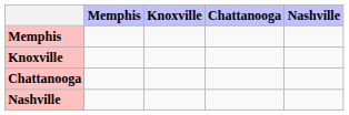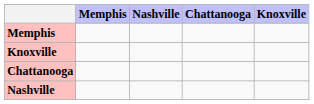 <table class="wikitable">
 <tr>
 <th></th>
 <td bgcolor="#c0c0ff"><strong>Memphis</strong></td>
+<td bgcolor="#c0c0ff"><strong>Nashville</strong></td>
+<td bgcolor="#c0c0ff"><strong>Chattanooga</strong></td>
 <td bgcolor="#c0c0ff"><strong>Knoxville</strong></td>
-<td bgcolor="#c0c0ff"><strong>Chattanooga</strong></td>
-<td bgcolor="#c0c0ff"><strong>Nashville</strong></td>
 </tr>
 <tr>
 <td bgcolor="#ffc0c0"><strong>Memphis</strong></td>
 <td></td>
 <td></td>
 <td></td>
 <td></td>
 </tr>
 <tr>
 <td bgcolor="#ffc0c0"><strong>Knoxville</strong></td>
 <td></td>
 <td></td>
 <td></td>
 <td></td>
 </tr>
 <tr>
 <td bgcolor="#ffc0c0"><strong>Chattanooga</strong></td>
 <td></td>
 <td></td>
 <td></td>
 <td></td>
 </tr>
 <tr>
 <td bgcolor="#ffc0c0"><strong>Nashville</strong></td>
 <td></td>
 <td></td>
 <td></td>
 <td></td>
 </tr>
 </table>
